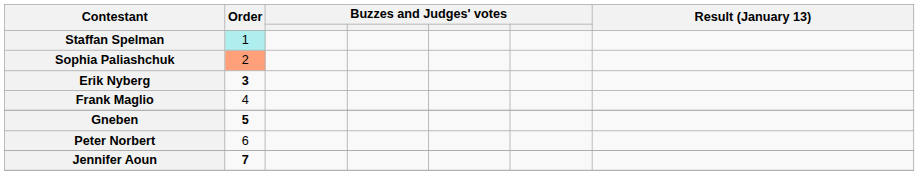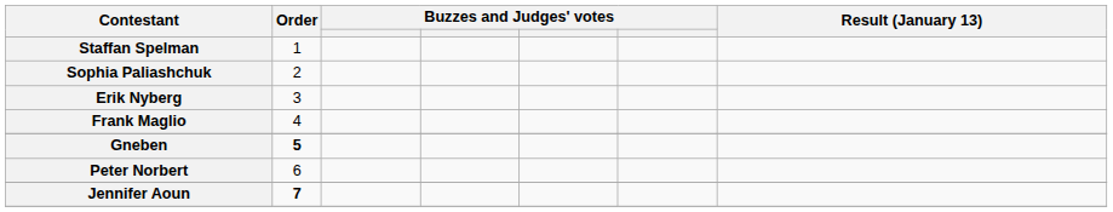 <table class="wikitable plainrowheaders sortable" style="text-align:center;">
 <tr>
 <th scope="col" rowspan="2" class="unsortable" style="width:17em;">Contestant</th>
 <th scope="col" rowspan="2" style="width:1em;">Order</th>
 <th scope="col" colspan="4" class="unsortable" style="width:24em;">Buzzes and Judges' votes</th>
 <th scope="col" rowspan="2" style="width:25em;">Result (January 13)</th>
 </tr>
 <tr>
 <th scope="col" class="unsortable" style="width:6em;"></th>
 <th scope="col" class="unsortable" style="width:6em;"></th>
 <th scope="col" class="unsortable" style="width:6em;"></th>
 <th scope="col" class="unsortable" style="width:6em;"></th>
 </tr>
 <tr>
 <th scope="row">Staffan Spelman</th>
-<td style="background: paleturquoise;">1</td>
+<td>1</td>
 <td style="text-align:center;"></td>
 <td style="text-align:center;"></td>
 <td style="text-align:center;"></td>
 <td style="text-align:center;"></td>
 <td></td>
 </tr>
 <tr>
 <th scope="row">Sophia Paliashchuk</th>
-<td style="background: lightsalmon;">2</td>
+<td>2</td>
 <td style="text-align:center;"></td>
 <td style="text-align:center;"></td>
 <td style="text-align:center;"></td>
 <td style="text-align:center;"></td>
 <td></td>
 </tr>
 <tr>
 <th scope="row">Erik Nyberg</th>
-<td><strong>3</strong></td>
+<td>3</td>
 <td style="text-align:center;"></td>
 <td style="text-align:center;"></td>
 <td style="text-align:center;"></td>
 <td style="text-align:center;"></td>
 <td></td>
 </tr>
 <tr>
 <th scope="row">Frank Maglio</th>
 <td>4</td>
 <td style="text-align:center;"></td>
 <td style="text-align:center;"></td>
 <td style="text-align:center;"></td>
 <td style="text-align:center;"></td>
 <td></td>
 </tr>
 <tr>
 </tr>
 <tr -style="background:NavajoWhite">
 <th scope="row"><strong>Gneben</strong></th>
 <td><strong>5</strong></td>
 <td style="text-align:center;"></td>
 <td style="text-align:center;"></td>
 <td style="text-align:center;"></td>
 <td style="text-align:center;"></td>
 <td><strong></strong></td>
 </tr>
 <tr>
 <th scope="row">Peter Norbert</th>
 <td>6</td>
 <td style="text-align:center;"></td>
 <td style="text-align:center;"></td>
 <td style="text-align:center;"></td>
 <td style="text-align:center;"></td>
 <td></td>
 </tr>
 <tr>
 </tr>
 <tr -style="background:NavajoWhite">
 <th scope="row"><strong>Jennifer Aoun</strong></th>
 <td><strong>7</strong></td>
 <td style="text-align:center;"></td>
 <td style="text-align:center;"></td>
 <td style="text-align:center;"></td>
 <td style="text-align:center;"></td>
 <td><strong></strong></td>
 </tr>
 <tr>
 </tr>
 </table>
